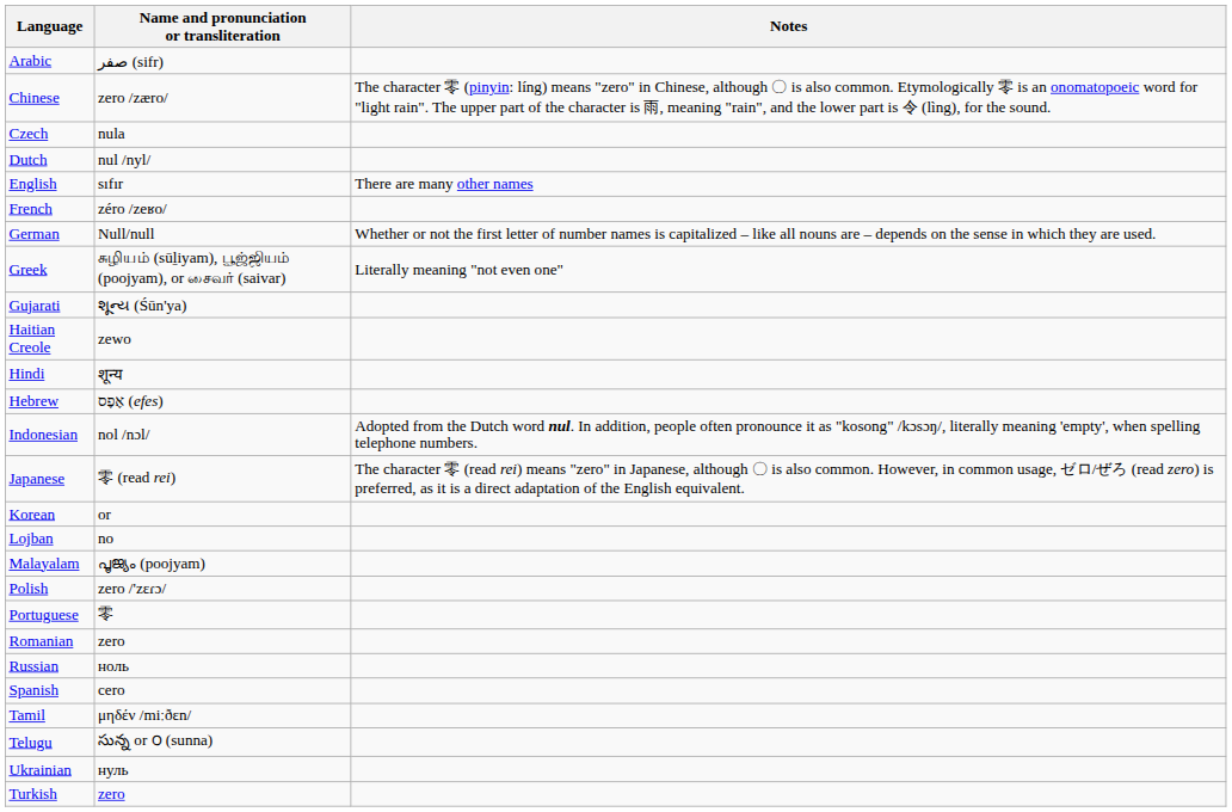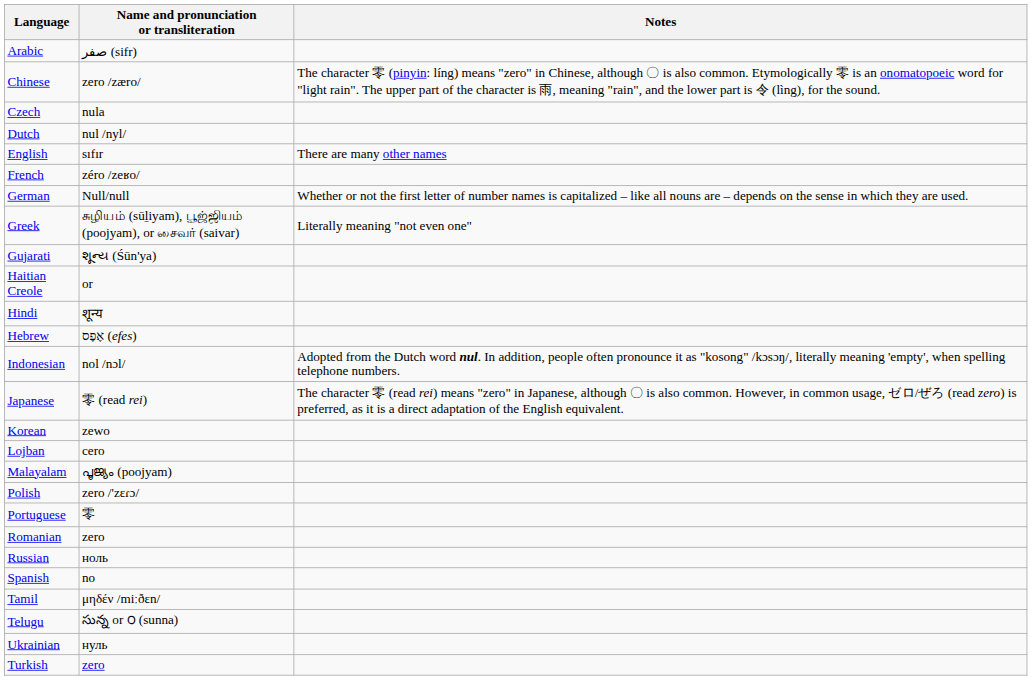 <table class="wikitable">
 <tr>
 <th>Language</th>
 <th>Name and pronunciation<br>or transliteration</th>
 <th>Notes</th>
 </tr>
 <tr>
 <td><a href='#'>Arabic</a></td>
 <td>صفر (sifr)</td>
 <td></td>
 </tr>
 <tr>
 <td><a href='#'>Chinese</a></td>
 <td>zero /zæro/</td>
 <td> The character 零 (<a href='#'>pinyin</a>: líng) means "zero" in Chinese, although 〇 is also common.  Etymologically 零 is an <a href='#'>onomatopoeic</a> word for "light rain". The upper part of the character is 雨, meaning "rain", and the lower part is 令 (lìng), for the sound.</td>
 </tr>
 <tr>
 <td><a href='#'>Czech</a></td>
 <td>nula</td>
 <td></td>
 </tr>
 <tr>
 <td><a href='#'>Dutch</a></td>
 <td>nul /nyl/</td>
 <td></td>
 </tr>
 <tr>
 <td><a href='#'>English</a></td>
 <td>sıfır</td>
 <td>There are many <a href='#'>other names</a></td>
 </tr>
 <tr>
 <td><a href='#'>French</a></td>
 <td>zéro /zeʁo/</td>
 <td></td>
 </tr>
 <tr>
 <td><a href='#'>German</a></td>
 <td>Null/null</td>
 <td>Whether or not the first letter of number names is capitalized – like all nouns are – depends on the sense in which they are used.</td>
 </tr>
 <tr>
 <td><a href='#'>Greek</a></td>
 <td>சுழியம் (sūḻiyam), பூஜ்ஜியம் (poojyam), or சைவர் (saivar)</td>
 <td>Literally meaning "not even one"</td>
 </tr>
 <tr>
 <td><a href='#'>Gujarati</a></td>
 <td>શૂન્ય (Śūn'ya)</td>
 <td></td>
 </tr>
 <tr>
 <td><a href='#'>Haitian Creole</a></td>
-<td>zewo</td>
+<td> or </td>
 <td></td>
 </tr>
 <tr>
 <td><a href='#'>Hindi</a></td>
 <td>शून्य</td>
 <td></td>
 </tr>
 <tr>
 <td><a href='#'>Hebrew</a></td>
 <td>אֶפֶס (<em>efes</em>)</td>
 <td></td>
 </tr>
 <tr>
 <td><a href='#'>Indonesian</a></td>
 <td>nol /nɔl/</td>
 <td>Adopted from the Dutch word <strong><em>nul</em></strong>. In addition, people often pronounce it as "kosong" /kɔsɔŋ/, literally meaning 'empty', when spelling telephone numbers.</td>
 </tr>
 <tr>
 <td><a href='#'>Japanese</a></td>
 <td>零 (read <em>rei</em>)</td>
 <td>The character 零 (read <em>rei</em>) means "zero" in Japanese, although 〇 is also common.  However, in common usage, ゼロ/ぜろ (read <em>zero</em>) is preferred, as it is a direct adaptation of the English equivalent.</td>
 </tr>
 <tr>
 <td><a href='#'>Korean</a></td>
-<td> or </td>
+<td>zewo</td>
 <td></td>
 </tr>
 <tr>
 <td><a href='#'>Lojban</a></td>
-<td>no</td>
+<td>cero</td>
 <td></td>
 </tr>
 <tr>
 <td><a href='#'>Malayalam</a></td>
 <td>പൂജ്യം (poojyam)</td>
 <td></td>
 </tr>
 <tr>
 <td><a href='#'>Polish</a></td>
 <td>zero /'zɛɾɔ/</td>
 <td></td>
 </tr>
 <tr>
 <td><a href='#'>Portuguese</a></td>
 <td>零</td>
 <td></td>
 </tr>
 <tr>
 <td><a href='#'>Romanian</a></td>
 <td>zero</td>
 <td></td>
 </tr>
 <tr>
 <td><a href='#'>Russian</a></td>
 <td>ноль</td>
 <td></td>
 </tr>
 <tr>
 <td><a href='#'>Spanish</a></td>
-<td>cero</td>
+<td>no</td>
 <td></td>
 </tr>
 <tr>
 <td><a href='#'>Tamil</a></td>
 <td>μηδέν /miːðɛn/</td>
 <td></td>
 </tr>
 <tr>
 <td><a href='#'>Telugu</a></td>
 <td>సున్న or ౦ (sunna)</td>
 <td></td>
 </tr>
 <tr>
 <td><a href='#'>Ukrainian</a></td>
 <td>нуль</td>
 <td></td>
 </tr>
 <tr>
 <td><a href='#'>Turkish</a></td>
 <td><a href='#'>zero</a></td>
 </tr>
 </table>
